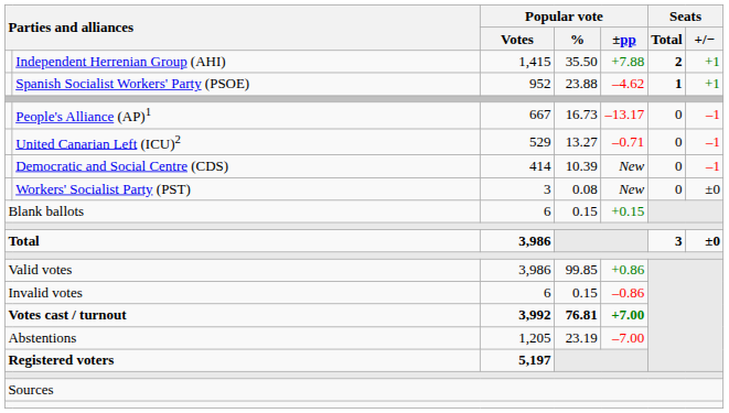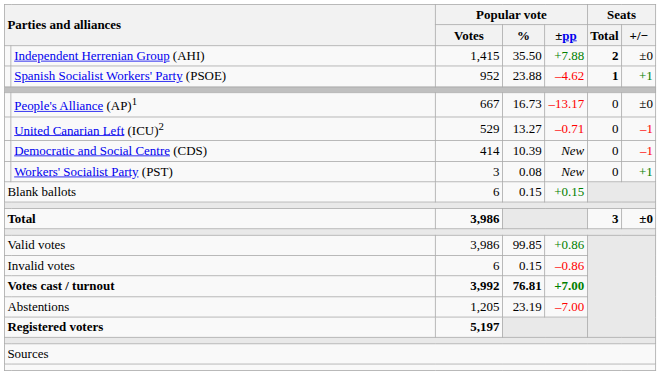 <table class="wikitable" style="text-align:right;">
 <tr>
 <th style="text-align:left;" rowspan="2" colspan="2" width="525">Parties and alliances</th>
 <th colspan="3">Popular vote</th>
 <th colspan="2">Seats</th>
 </tr>
 <tr>
 <th width="75">Votes</th>
 <th width="45">%</th>
 <th width="45">±<a href='#'>pp</a></th>
 <th width="35">Total</th>
 <th width="35">+/−</th>
 </tr>
 <tr>
 <td width="1" style="color:inherit;background:"></td>
 <td align="left"><a href='#'>Independent Herrenian Group</a> (AHI)</td>
 <td>1,415</td>
 <td>35.50</td>
 <td style="color:green;">+7.88</td>
 <td><strong>2</strong></td>
-<td style="color:green;">+1</td>
+<td>±0</td>
 </tr>
 <tr>
 <td style="color:inherit;background:"></td>
 <td align="left"><a href='#'>Spanish Socialist Workers' Party</a> (PSOE)</td>
 <td>952</td>
 <td>23.88</td>
 <td style="color:red;">–4.62</td>
 <td><strong>1</strong></td>
 <td style="color:green;">+1</td>
 </tr>
 <tr>
 <td colspan="7" bgcolor="#C0C0C0"></td>
 </tr>
 <tr>
 <td style="color:inherit;background:"></td>
 <td align="left"><a href='#'>People's Alliance</a> (AP)<sup>1</sup></td>
 <td>667</td>
 <td>16.73</td>
 <td style="color:red;">–13.17</td>
 <td>0</td>
-<td style="color:red;">–1</td>
+<td>±0</td>
 </tr>
 <tr>
 <td style="color:inherit;background:"></td>
 <td align="left"><a href='#'>United Canarian Left</a> (ICU)<sup>2</sup></td>
 <td>529</td>
 <td>13.27</td>
 <td style="color:red;">–0.71</td>
 <td>0</td>
 <td style="color:red;">–1</td>
 </tr>
 <tr>
 <td style="color:inherit;background:"></td>
 <td align="left"><a href='#'>Democratic and Social Centre</a> (CDS)</td>
 <td>414</td>
 <td>10.39</td>
 <td><em>New</em></td>
 <td>0</td>
 <td style="color:red;">–1</td>
 </tr>
 <tr>
 <td style="color:inherit;background:"></td>
 <td align="left"><a href='#'>Workers' Socialist Party</a> (PST)</td>
 <td>3</td>
 <td>0.08</td>
 <td><em>New</em></td>
 <td>0</td>
-<td>±0</td>
+<td style="color:green;">+1</td>
 </tr>
 <tr>
 <td align="left" colspan="2">Blank ballots</td>
 <td>6</td>
 <td>0.15</td>
 <td style="color:green;">+0.15</td>
 <td bgcolor="#E9E9E9" colspan="2"></td>
 </tr>
 <tr>
 <td colspan="7" bgcolor="#E9E9E9"></td>
 </tr>
 <tr style="font-weight:bold;">
 <td align="left" colspan="2">Total</td>
 <td>3,986</td>
 <td bgcolor="#E9E9E9" colspan="2"></td>
 <td>3</td>
 <td>±0</td>
 </tr>
 <tr>
 <td colspan="7" bgcolor="#E9E9E9"></td>
 </tr>
 <tr>
 <td align="left" colspan="2">Valid votes</td>
 <td>3,986</td>
 <td>99.85</td>
 <td style="color:green;">+0.86</td>
 <td bgcolor="#E9E9E9" colspan="2" rowspan="5"></td>
 </tr>
 <tr>
 <td align="left" colspan="2">Invalid votes</td>
 <td>6</td>
 <td>0.15</td>
 <td style="color:red;">–0.86</td>
 </tr>
 <tr style="font-weight:bold;">
 <td align="left" colspan="2">Votes cast / turnout</td>
 <td>3,992</td>
 <td>76.81</td>
 <td style="color:green;">+7.00</td>
 </tr>
 <tr>
 <td align="left" colspan="2">Abstentions</td>
 <td>1,205</td>
 <td>23.19</td>
 <td style="color:red;">–7.00</td>
 </tr>
 <tr style="font-weight:bold;">
 <td align="left" colspan="2">Registered voters</td>
 <td>5,197</td>
 <td bgcolor="#E9E9E9" colspan="2"></td>
 </tr>
 <tr>
 <td colspan="7" bgcolor="#E9E9E9"></td>
 </tr>
 <tr>
 <td align="left" colspan="7">Sources</td>
 </tr>
 <tr>
 <td colspan="7" style="text-align:left; max-width:790px;"></td>
 </tr>
 </table>
